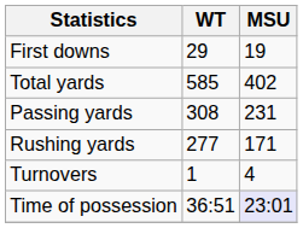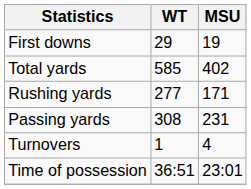 <table class="wikitable">
 <tr>
 <th>Statistics</th>
 <th>WT</th>
 <th>MSU</th>
 </tr>
 <tr>
 <td>First downs</td>
 <td>29</td>
 <td>19</td>
 </tr>
 <tr>
 <td>Total yards</td>
 <td>585</td>
 <td>402</td>
 </tr>
 <tr>
+<td>Rushing yards</td>
+<td>277</td>
+<td>171</td>
+</tr>
+<tr>
 <td>Passing yards</td>
 <td>308</td>
 <td>231</td>
-</tr>
-<tr>
-<td>Rushing yards</td>
-<td>277</td>
-<td>171</td>
 </tr>
 <tr>
 <td>Turnovers</td>
 <td>1</td>
 <td>4</td>
 </tr>
 <tr>
 <td>Time of possession</td>
 <td>36:51</td>
-<td style="background: lavender;">23:01</td>
+<td>23:01</td>
 </tr>
 <tr>
 </tr>
 </table>
